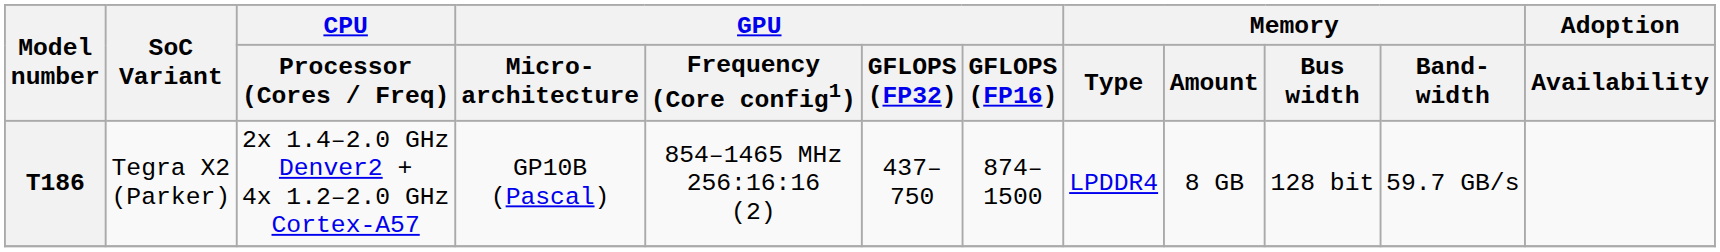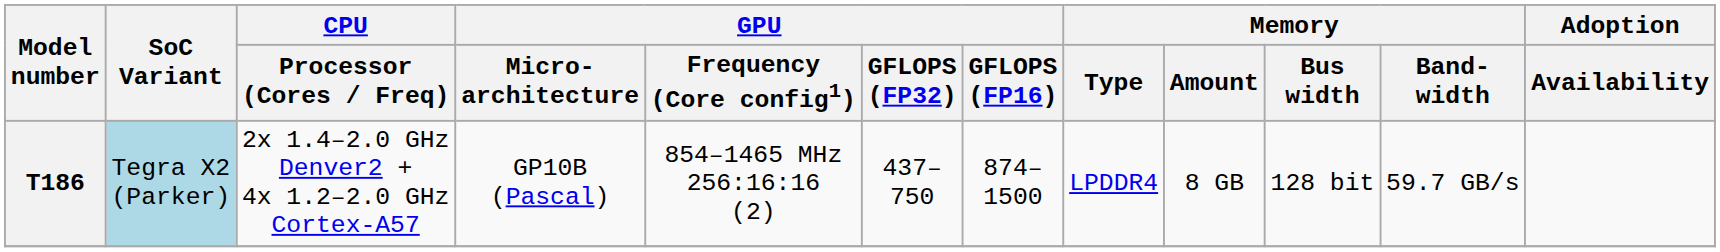 <table class="wikitable" style="text-align:center;">
 <tr>
 <th rowspan=2>Model<br>number</th>
 <th rowspan=2>SoC<br>Variant</th>
 <th><a href='#'>CPU</a></th>
 <th colspan=4><a href='#'>GPU</a></th>
 <th colspan=4>Memory</th>
 <th>Adoption</th>
 </tr>
 <tr>
 <th>Processor<br>(Cores / Freq)</th>
 <th>Micro-<br>architecture</th>
 <th>Frequency<br>(Core config<sup>1</sup>)</th>
 <th>GFLOPS<br>(<a href='#'>FP32</a>)</th>
 <th>GFLOPS<br>(<a href='#'>FP16</a>)</th>
 <th>Type</th>
 <th>Amount</th>
 <th>Bus<br>width</th>
 <th>Band-<br>width</th>
 <th>Availability</th>
 </tr>
 <tr>
 <th>T186</th>
-<td>Tegra X2<br>(Parker)</td>
+<td style="background: lightblue;">Tegra X2<br>(Parker)</td>
 <td>2x 1.4–2.0 GHz<br><a href='#'>Denver2</a> +<br>4x 1.2–2.0 GHz<br><a href='#'>Cortex-A57</a></td>
 <td>GP10B<br>(<a href='#'>Pascal</a>)<br></td>
 <td>854–1465 MHz<br>256:16:16<br>(2)</td>
 <td>437–<br>750</td>
 <td>874–<br>1500</td>
 <td><a href='#'>LPDDR4</a></td>
 <td>8 GB</td>
 <td>128 bit</td>
 <td>59.7 GB/s</td>
 <td></td>
 </tr>
 <tr>
 </tr>
 </table>
